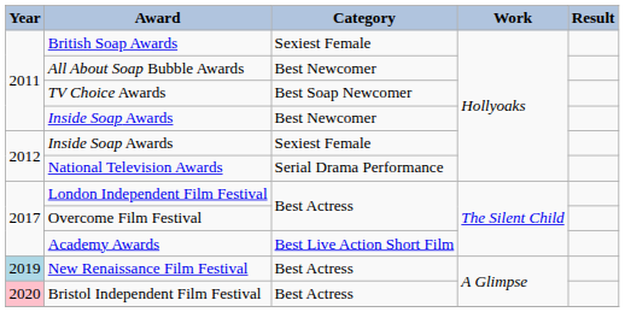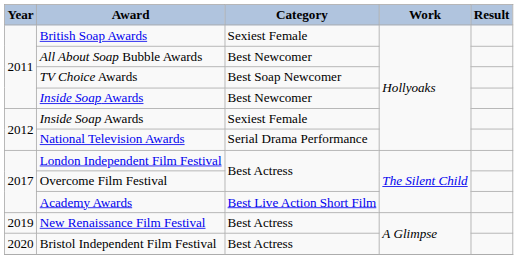 <table class="wikitable">
 <tr>
 <th style="background:#B0C4DE;">Year</th>
 <th style="background:#B0C4DE;">Award</th>
 <th style="background:#B0C4DE;">Category</th>
 <th style="background:#B0C4DE;">Work</th>
 <th style="background:#B0C4DE;">Result</th>
 </tr>
 <tr>
 <td rowspan="4">2011</td>
 <td><a href='#'>British Soap Awards</a></td>
 <td>Sexiest Female</td>
 <td rowspan="6"><em>Hollyoaks</em></td>
 <td></td>
 </tr>
 <tr>
 <td><em>All About Soap</em> Bubble Awards</td>
 <td>Best Newcomer</td>
 <td></td>
 </tr>
 <tr>
 <td><em>TV Choice</em> Awards</td>
 <td>Best Soap Newcomer</td>
 <td></td>
 </tr>
 <tr>
 <td><a href='#'><em>Inside Soap</em> Awards</a></td>
 <td>Best Newcomer</td>
 <td></td>
 </tr>
 <tr>
 <td rowspan="2">2012</td>
 <td><em>Inside Soap</em> Awards</td>
 <td>Sexiest Female</td>
 <td></td>
 </tr>
 <tr>
 <td><a href='#'>National Television Awards</a></td>
 <td>Serial Drama Performance</td>
 <td></td>
 </tr>
 <tr>
 <td rowspan="3">2017</td>
 <td><a href='#'>London Independent Film Festival</a></td>
 <td rowspan=2>Best Actress</td>
 <td rowspan=3><em><a href='#'>The Silent Child</a></em></td>
 <td></td>
 </tr>
 <tr>
 <td>Overcome Film Festival</td>
 <td></td>
 </tr>
 <tr>
 <td><a href='#'>Academy Awards</a></td>
 <td><a href='#'>Best Live Action Short Film</a></td>
 <td></td>
 </tr>
 <tr>
-<td style="background: lightblue;">2019</td>
+<td>2019</td>
 <td><a href='#'>New Renaissance Film Festival</a></td>
 <td>Best Actress</td>
 <td rowspan="2"><em>A Glimpse</em></td>
 <td></td>
 </tr>
 <tr>
-<td style="background: pink;">2020</td>
+<td>2020</td>
 <td>Bristol Independent Film Festival</td>
 <td>Best Actress</td>
 <td></td>
 </tr>
 <tr>
 </tr>
 </table>
